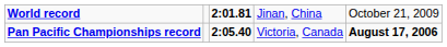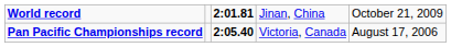 <table class="wikitable">
 <tr>
 <td><strong><a href='#'>World record</a></strong></td>
 <td></td>
 <td><strong>2:01.81</strong></td>
 <td><a href='#'>Jinan</a>, <a href='#'>China</a></td>
 <td>October 21, 2009</td>
 </tr>
 <tr>
 <td><strong><a href='#'>Pan Pacific Championships record</a></strong></td>
 <td></td>
 <td><strong>2:05.40</strong></td>
 <td><a href='#'>Victoria</a>, <a href='#'>Canada</a></td>
-<td><strong>August 17, 2006</strong></td>
+<td>August 17, 2006</td>
 </tr>
 </table>
